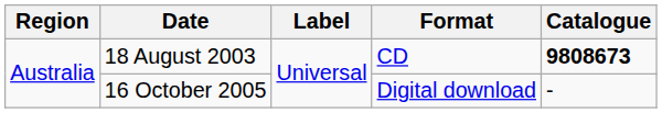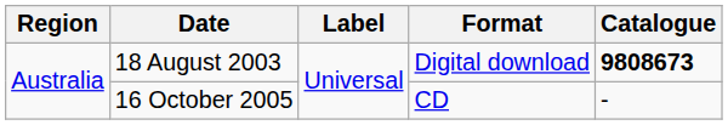 <table class="wikitable">
 <tr>
 <th>Region</th>
 <th>Date</th>
 <th>Label</th>
 <th>Format</th>
 <th>Catalogue</th>
 </tr>
 <tr>
 <td rowspan="2"><a href='#'>Australia</a></td>
 <td>18 August 2003</td>
 <td rowspan="2"><a href='#'>Universal</a></td>
-<td><a href='#'>CD</a></td>
+<td><a href='#'>Digital download</a></td>
 <td><strong>9808673</strong></td>
 </tr>
 <tr>
 <td>16 October 2005</td>
-<td><a href='#'>Digital download</a></td>
+<td><a href='#'>CD</a></td>
 <td>-</td>
 </tr>
 </table>
